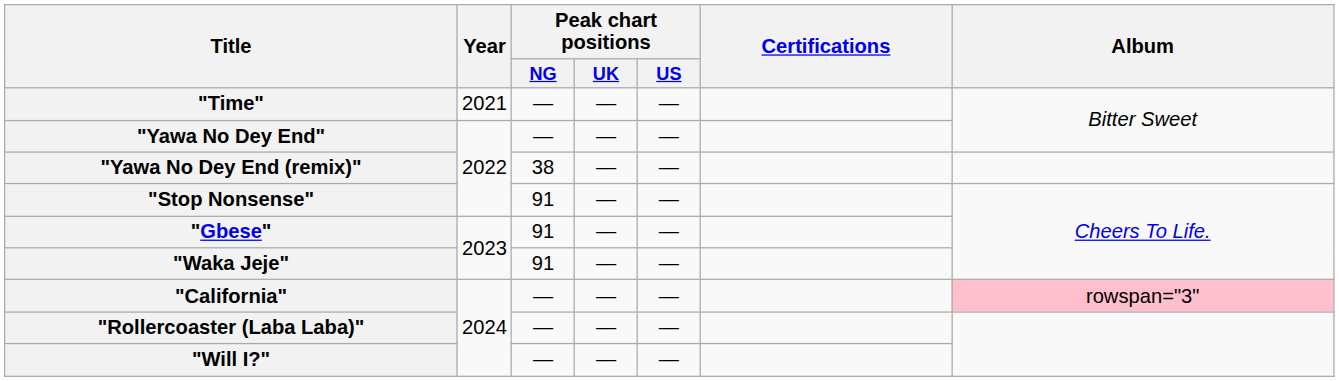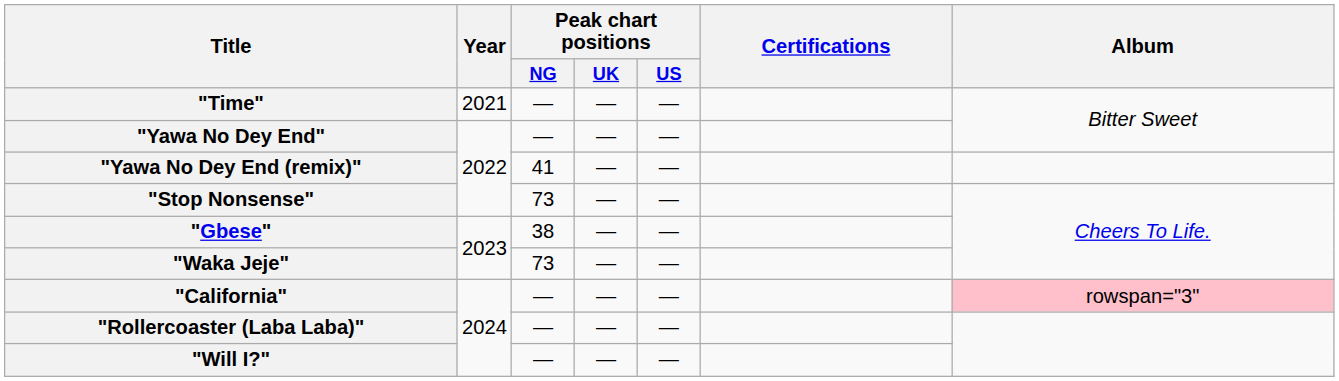 <table class="wikitable plainrowheaders" style="text-align:center;" border="1">
 <tr>
 <th scope="col" rowspan="2" style="width:22em;">Title</th>
 <th scope="col" rowspan="2" style="width:1em;">Year</th>
 <th scope="col" colspan="3">Peak chart positions</th>
 <th scope="col" rowspan="2" style="width:12em;"><a href='#'>Certifications</a></th>
 <th scope="col" rowspan="2" style="width:18.5em;">Album</th>
 </tr>
 <tr>
 <th scope="col" style="width:3em;font-size:90%;"><a href='#'>NG</a><br></th>
 <th scope="col" style="width:3em;font-size:90%;"><a href='#'>UK</a><br></th>
 <th scope="col" style="width:3em;font-size:90%;"><a href='#'>US</a><br></th>
 </tr>
 <tr>
 <th scope="row">"Time"</th>
 <td rowspan="1">2021</td>
 <td>—</td>
 <td>—</td>
 <td>—</td>
 <td></td>
 <td rowspan="2"><em>Bitter Sweet</em></td>
 </tr>
 <tr>
 <th scope="row">"Yawa No Dey End"</th>
 <td rowspan="3">2022</td>
 <td>—</td>
 <td>—</td>
 <td>—</td>
 <td></td>
 </tr>
 <tr>
 <th scope="row">"Yawa No Dey End (remix)" </th>
-<td>38</td>
+<td>41</td>
 <td>—</td>
 <td>—</td>
 <td></td>
 <td></td>
 </tr>
 <tr>
 <th scope="row">"Stop Nonsense"</th>
-<td>91</td>
+<td>73</td>
 <td>—</td>
 <td>—</td>
 <td></td>
 <td rowspan="3"><em><a href='#'>Cheers To Life.</a></em></td>
 </tr>
 <tr>
 <th scope="row">"<a href='#'>Gbese</a>" </th>
 <td rowspan="2">2023</td>
-<td>91</td>
+<td>38</td>
 <td>—</td>
 <td>—</td>
 </tr>
 <tr>
 <th scope="row">"Waka Jeje" </th>
-<td>91</td>
+<td>73</td>
 <td>—</td>
 <td>—</td>
 <td></td>
 </tr>
 <tr>
 <th scope="row">"California"</th>
 <td rowspan="3">2024</td>
 <td>—</td>
 <td>—</td>
 <td>—</td>
 <td></td>
 <td style="background: pink;">rowspan="3" </td>
 </tr>
 <tr>
 <th scope="row">"Rollercoaster (Laba Laba)"</th>
 <td>—</td>
 <td>—</td>
 <td>—</td>
 <td></td>
 </tr>
 <tr>
 <th scope="row">"Will I?"</th>
 <td>—</td>
 <td>—</td>
 <td>—</td>
 <td></td>
 </tr>
 </table>
